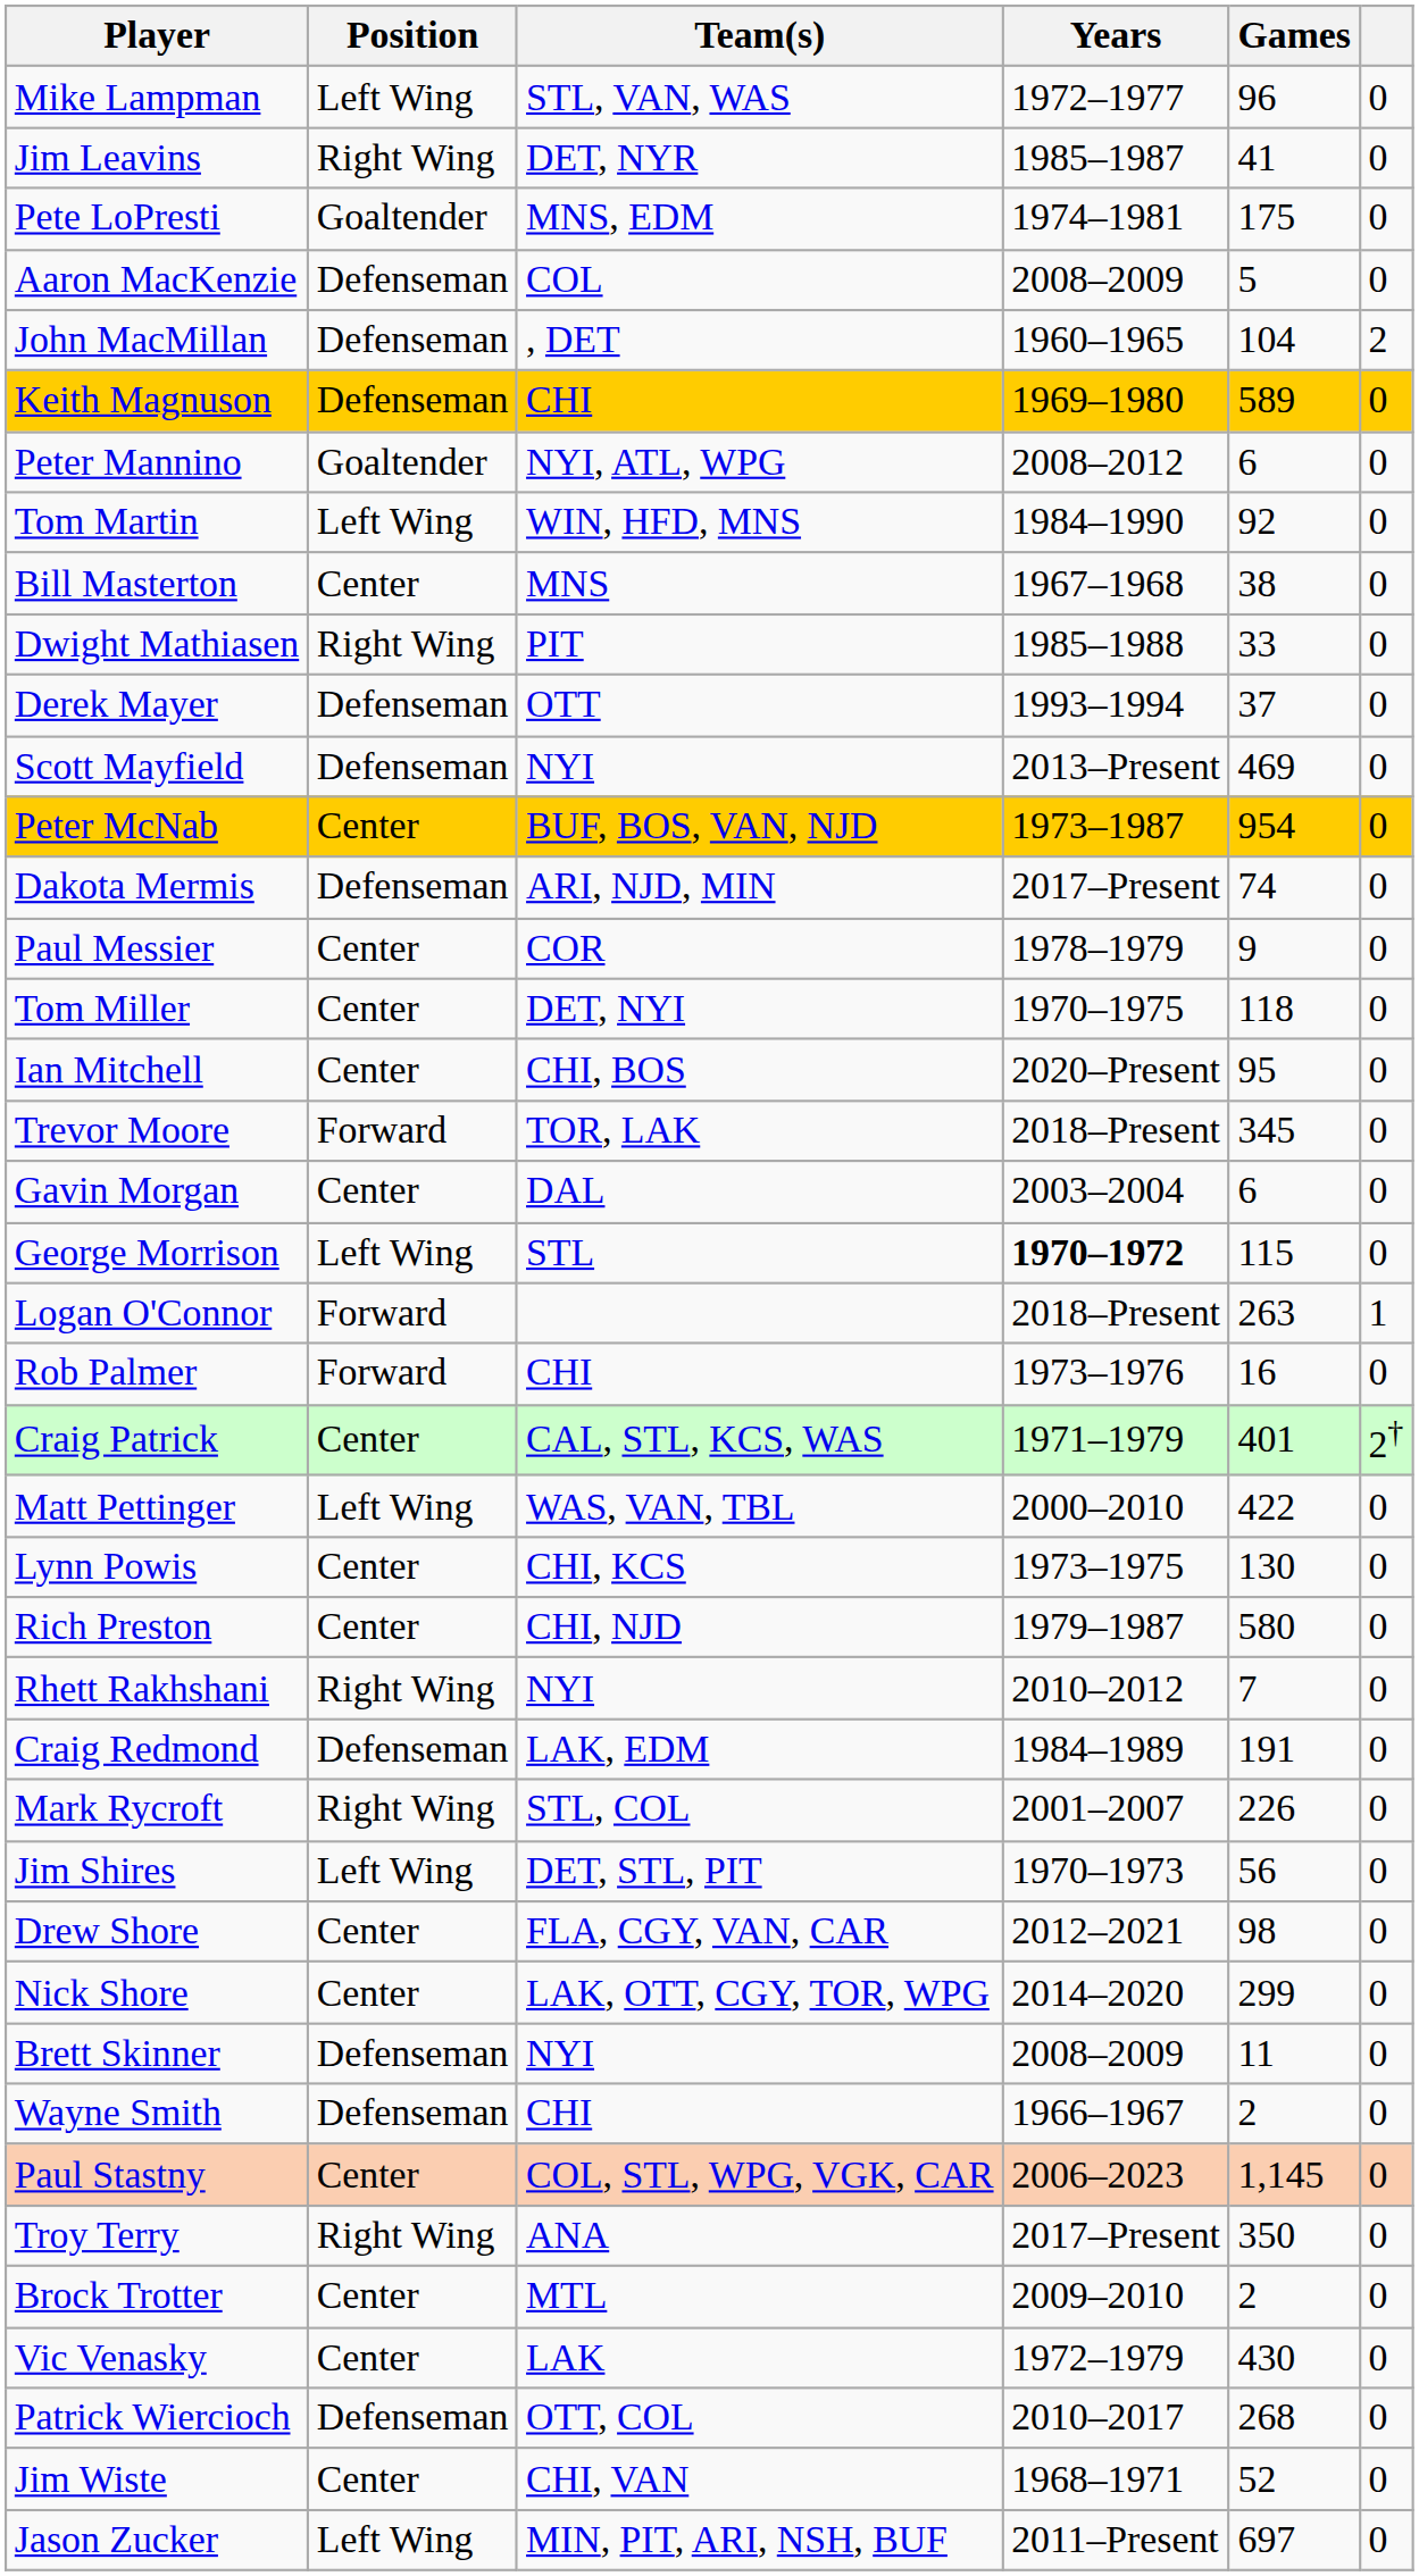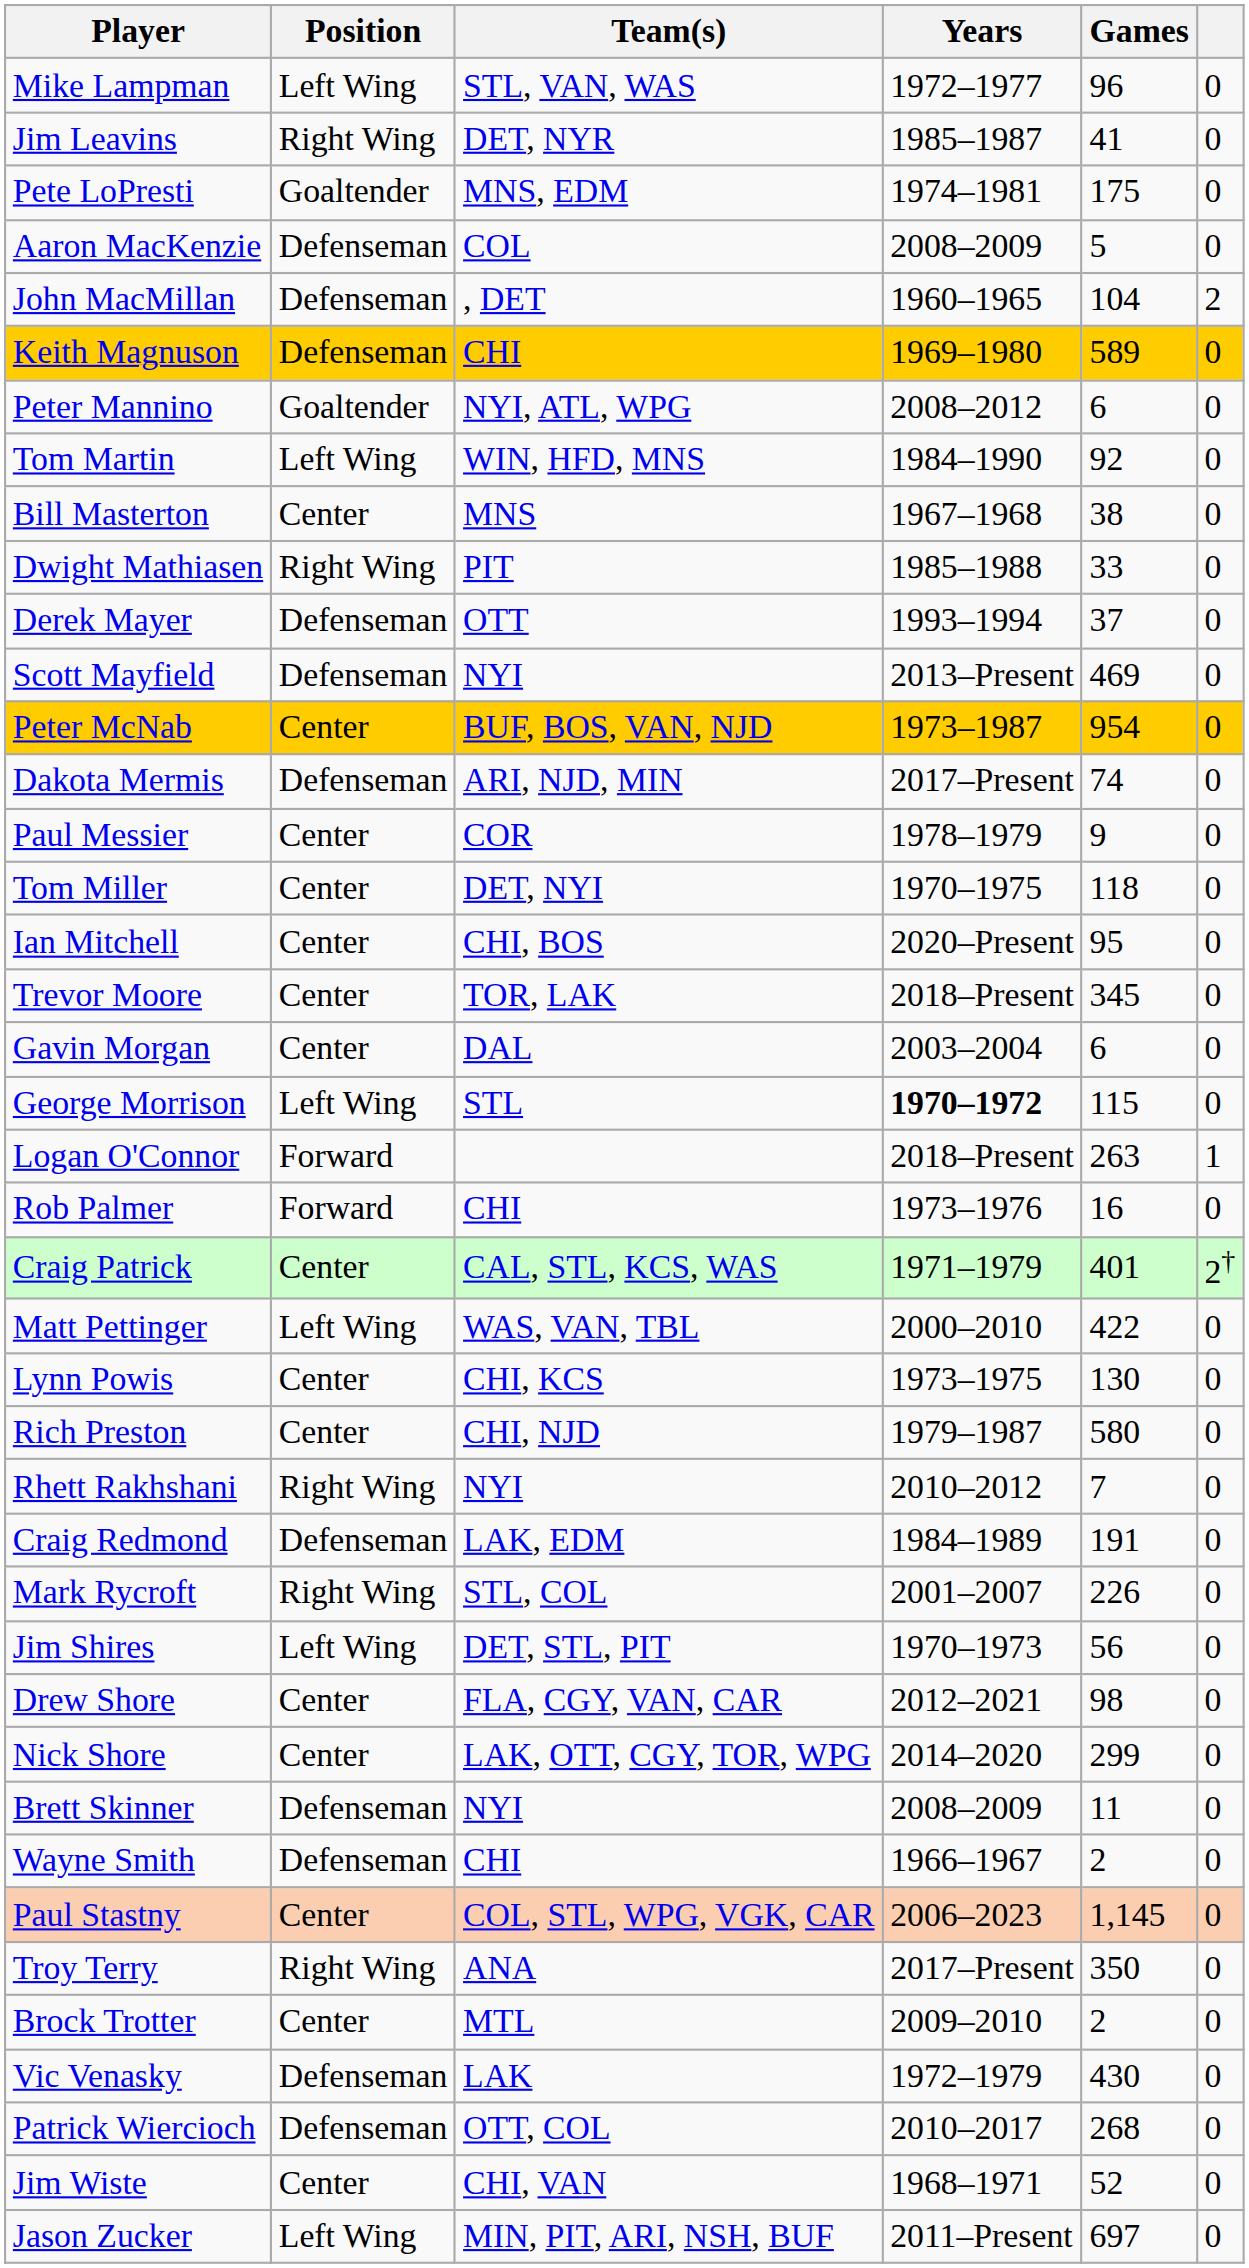 <table class="wikitable">
 <tr>
 <th>Player</th>
 <th>Position</th>
 <th>Team(s)</th>
 <th>Years</th>
 <th>Games</th>
 <th><a href='#'></a></th>
 </tr>
 <tr>
 <td><a href='#'>Mike Lampman</a></td>
 <td>Left Wing</td>
 <td><a href='#'>STL</a>, <a href='#'>VAN</a>, <a href='#'>WAS</a></td>
 <td>1972–1977</td>
 <td>96</td>
 <td>0</td>
 </tr>
 <tr>
 <td><a href='#'>Jim Leavins</a></td>
 <td>Right Wing</td>
 <td><a href='#'>DET</a>, <a href='#'>NYR</a></td>
 <td>1985–1987</td>
 <td>41</td>
 <td>0</td>
 </tr>
 <tr>
 <td><a href='#'>Pete LoPresti</a></td>
 <td>Goaltender</td>
 <td><a href='#'>MNS</a>, <a href='#'>EDM</a></td>
 <td>1974–1981</td>
 <td>175</td>
 <td>0</td>
 </tr>
 <tr>
 <td><a href='#'>Aaron MacKenzie</a></td>
 <td>Defenseman</td>
 <td><a href='#'>COL</a></td>
 <td>2008–2009</td>
 <td>5</td>
 <td>0</td>
 </tr>
 <tr>
 <td><a href='#'>John MacMillan</a></td>
 <td>Defenseman</td>
 <td><span><strong></strong></span>, <a href='#'>DET</a></td>
 <td>1960–1965</td>
 <td>104</td>
 <td>2</td>
 </tr>
 <tr bgcolor=FFCC00>
 <td><a href='#'>Keith Magnuson</a></td>
 <td>Defenseman</td>
 <td><a href='#'>CHI</a></td>
 <td>1969–1980</td>
 <td>589</td>
 <td>0</td>
 </tr>
 <tr>
 <td><a href='#'>Peter Mannino</a></td>
 <td>Goaltender</td>
 <td><a href='#'>NYI</a>, <a href='#'>ATL</a>, <a href='#'>WPG</a></td>
 <td>2008–2012</td>
 <td>6</td>
 <td>0</td>
 </tr>
 <tr>
 <td><a href='#'>Tom Martin</a></td>
 <td>Left Wing</td>
 <td><a href='#'>WIN</a>, <a href='#'>HFD</a>, <a href='#'>MNS</a></td>
 <td>1984–1990</td>
 <td>92</td>
 <td>0</td>
 </tr>
 <tr>
 <td><a href='#'>Bill Masterton</a></td>
 <td>Center</td>
 <td><a href='#'>MNS</a></td>
 <td>1967–1968</td>
 <td>38</td>
 <td>0</td>
 </tr>
 <tr>
 <td><a href='#'>Dwight Mathiasen</a></td>
 <td>Right Wing</td>
 <td><a href='#'>PIT</a></td>
 <td>1985–1988</td>
 <td>33</td>
 <td>0</td>
 </tr>
 <tr>
 <td><a href='#'>Derek Mayer</a></td>
 <td>Defenseman</td>
 <td><a href='#'>OTT</a></td>
 <td>1993–1994</td>
 <td>37</td>
 <td>0</td>
 </tr>
 <tr>
 <td><a href='#'>Scott Mayfield</a></td>
 <td>Defenseman</td>
 <td><a href='#'>NYI</a></td>
 <td>2013–Present</td>
 <td>469</td>
 <td>0</td>
 </tr>
 <tr bgcolor=FFCC00>
 <td><a href='#'>Peter McNab</a></td>
 <td>Center</td>
 <td><a href='#'>BUF</a>, <a href='#'>BOS</a>, <a href='#'>VAN</a>, <a href='#'>NJD</a></td>
 <td>1973–1987</td>
 <td>954</td>
 <td>0</td>
 </tr>
 <tr>
 <td><a href='#'>Dakota Mermis</a></td>
 <td>Defenseman</td>
 <td><a href='#'>ARI</a>, <a href='#'>NJD</a>, <a href='#'>MIN</a></td>
 <td>2017–Present</td>
 <td>74</td>
 <td>0</td>
 </tr>
 <tr>
 <td><a href='#'>Paul Messier</a></td>
 <td>Center</td>
 <td><a href='#'>COR</a></td>
 <td>1978–1979</td>
 <td>9</td>
 <td>0</td>
 </tr>
 <tr>
 <td><a href='#'>Tom Miller</a></td>
 <td>Center</td>
 <td><a href='#'>DET</a>, <a href='#'>NYI</a></td>
 <td>1970–1975</td>
 <td>118</td>
 <td>0</td>
 </tr>
 <tr>
 <td><a href='#'>Ian Mitchell</a></td>
 <td>Center</td>
 <td><a href='#'>CHI</a>, <a href='#'>BOS</a></td>
 <td>2020–Present</td>
 <td>95</td>
 <td>0</td>
 </tr>
 <tr>
 <td><a href='#'>Trevor Moore</a></td>
-<td>Forward</td>
+<td>Center</td>
 <td><a href='#'>TOR</a>, <a href='#'>LAK</a></td>
 <td>2018–Present</td>
 <td>345</td>
 <td>0</td>
 </tr>
 <tr>
 <td><a href='#'>Gavin Morgan</a></td>
 <td>Center</td>
 <td><a href='#'>DAL</a></td>
 <td>2003–2004</td>
 <td>6</td>
 <td>0</td>
 </tr>
 <tr>
 <td><a href='#'>George Morrison</a></td>
 <td>Left Wing</td>
 <td><a href='#'>STL</a></td>
 <td><strong>1970–1972</strong></td>
 <td>115</td>
 <td>0</td>
 </tr>
 <tr>
 <td><a href='#'>Logan O'Connor</a></td>
 <td>Forward</td>
 <td><span><strong></strong></span></td>
 <td>2018–Present</td>
 <td>263</td>
 <td>1</td>
 </tr>
 <tr>
 <td><a href='#'>Rob Palmer</a></td>
 <td>Forward</td>
 <td><a href='#'>CHI</a></td>
 <td>1973–1976</td>
 <td>16</td>
 <td>0</td>
 </tr>
 <tr bgcolor=CCFFCC>
 <td><a href='#'>Craig Patrick</a></td>
 <td>Center</td>
 <td><a href='#'>CAL</a>, <a href='#'>STL</a>, <a href='#'>KCS</a>, <a href='#'>WAS</a></td>
 <td>1971–1979</td>
 <td>401</td>
 <td>2<sup>†</sup></td>
 </tr>
 <tr>
 <td><a href='#'>Matt Pettinger</a></td>
 <td>Left Wing</td>
 <td><a href='#'>WAS</a>, <a href='#'>VAN</a>, <a href='#'>TBL</a></td>
 <td>2000–2010</td>
 <td>422</td>
 <td>0</td>
 </tr>
 <tr>
 <td><a href='#'>Lynn Powis</a></td>
 <td>Center</td>
 <td><a href='#'>CHI</a>, <a href='#'>KCS</a></td>
 <td>1973–1975</td>
 <td>130</td>
 <td>0</td>
 </tr>
 <tr>
 <td><a href='#'>Rich Preston</a></td>
 <td>Center</td>
 <td><a href='#'>CHI</a>, <a href='#'>NJD</a></td>
 <td>1979–1987</td>
 <td>580</td>
 <td>0</td>
 </tr>
 <tr>
 <td><a href='#'>Rhett Rakhshani</a></td>
 <td>Right Wing</td>
 <td><a href='#'>NYI</a></td>
 <td>2010–2012</td>
 <td>7</td>
 <td>0</td>
 </tr>
 <tr>
 <td><a href='#'>Craig Redmond</a></td>
 <td>Defenseman</td>
 <td><a href='#'>LAK</a>, <a href='#'>EDM</a></td>
 <td>1984–1989</td>
 <td>191</td>
 <td>0</td>
 </tr>
 <tr>
 <td><a href='#'>Mark Rycroft</a></td>
 <td>Right Wing</td>
 <td><a href='#'>STL</a>, <a href='#'>COL</a></td>
 <td>2001–2007</td>
 <td>226</td>
 <td>0</td>
 </tr>
 <tr>
 <td><a href='#'>Jim Shires</a></td>
 <td>Left Wing</td>
 <td><a href='#'>DET</a>, <a href='#'>STL</a>, <a href='#'>PIT</a></td>
 <td>1970–1973</td>
 <td>56</td>
 <td>0</td>
 </tr>
 <tr>
 <td><a href='#'>Drew Shore</a></td>
 <td>Center</td>
 <td><a href='#'>FLA</a>, <a href='#'>CGY</a>, <a href='#'>VAN</a>, <a href='#'>CAR</a></td>
 <td>2012–2021</td>
 <td>98</td>
 <td>0</td>
 </tr>
 <tr>
 <td><a href='#'>Nick Shore</a></td>
 <td>Center</td>
 <td><a href='#'>LAK</a>, <a href='#'>OTT</a>, <a href='#'>CGY</a>, <a href='#'>TOR</a>, <a href='#'>WPG</a></td>
 <td>2014–2020</td>
 <td>299</td>
 <td>0</td>
 </tr>
 <tr>
 <td><a href='#'>Brett Skinner</a></td>
 <td>Defenseman</td>
 <td><a href='#'>NYI</a></td>
 <td>2008–2009</td>
 <td>11</td>
 <td>0</td>
 </tr>
 <tr>
 <td><a href='#'>Wayne Smith</a></td>
 <td>Defenseman</td>
 <td><a href='#'>CHI</a></td>
 <td>1966–1967</td>
 <td>2</td>
 <td>0</td>
 </tr>
 <tr bgcolor=FBCEB1>
 <td><a href='#'>Paul Stastny</a></td>
 <td>Center</td>
 <td><a href='#'>COL</a>, <a href='#'>STL</a>, <a href='#'>WPG</a>, <a href='#'>VGK</a>, <a href='#'>CAR</a></td>
 <td>2006–2023</td>
 <td>1,145</td>
 <td>0</td>
 </tr>
 <tr>
 <td><a href='#'>Troy Terry</a></td>
 <td>Right Wing</td>
 <td><a href='#'>ANA</a></td>
 <td>2017–Present</td>
 <td>350</td>
 <td>0</td>
 </tr>
 <tr>
 <td><a href='#'>Brock Trotter</a></td>
 <td>Center</td>
 <td><a href='#'>MTL</a></td>
 <td>2009–2010</td>
 <td>2</td>
 <td>0</td>
 </tr>
 <tr>
 <td><a href='#'>Vic Venasky</a></td>
-<td>Center</td>
+<td>Defenseman</td>
 <td><a href='#'>LAK</a></td>
 <td>1972–1979</td>
 <td>430</td>
 <td>0</td>
 </tr>
 <tr>
 <td><a href='#'>Patrick Wiercioch</a></td>
 <td>Defenseman</td>
 <td><a href='#'>OTT</a>, <a href='#'>COL</a></td>
 <td>2010–2017</td>
 <td>268</td>
 <td>0</td>
 </tr>
 <tr>
 <td><a href='#'>Jim Wiste</a></td>
 <td>Center</td>
 <td><a href='#'>CHI</a>, <a href='#'>VAN</a></td>
 <td>1968–1971</td>
 <td>52</td>
 <td>0</td>
 </tr>
 <tr>
 <td><a href='#'>Jason Zucker</a></td>
 <td>Left Wing</td>
 <td><a href='#'>MIN</a>, <a href='#'>PIT</a>, <a href='#'>ARI</a>, <a href='#'>NSH</a>, <a href='#'>BUF</a></td>
 <td>2011–Present</td>
 <td>697</td>
 <td>0</td>
 </tr>
 </table>
